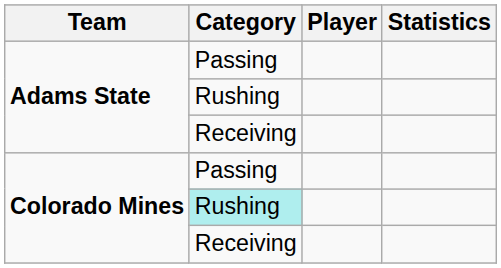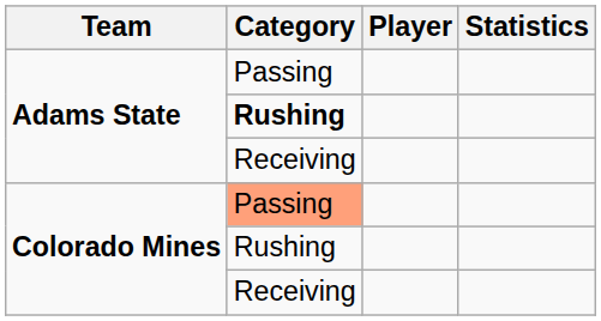 <table class="wikitable" style="float: left;">
 <tr>
 <th>Team</th>
 <th>Category</th>
 <th>Player</th>
 <th>Statistics</th>
 </tr>
 <tr>
 <td rowspan=3><strong>Adams State</strong></td>
 <td>Passing</td>
 <td></td>
 <td></td>
 </tr>
 <tr>
-<td>Rushing</td>
+<td><strong>Rushing</strong></td>
 <td></td>
 <td></td>
 </tr>
 <tr>
 <td>Receiving</td>
 <td></td>
 <td></td>
 </tr>
 <tr>
 <td rowspan=3><strong>Colorado Mines</strong></td>
-<td>Passing</td>
+<td style="background: lightsalmon;">Passing</td>
 <td></td>
 <td></td>
 </tr>
 <tr>
-<td style="background: paleturquoise;">Rushing</td>
+<td>Rushing</td>
 <td></td>
 <td></td>
 </tr>
 <tr>
 <td>Receiving</td>
 <td></td>
 <td></td>
 </tr>
 </table>
